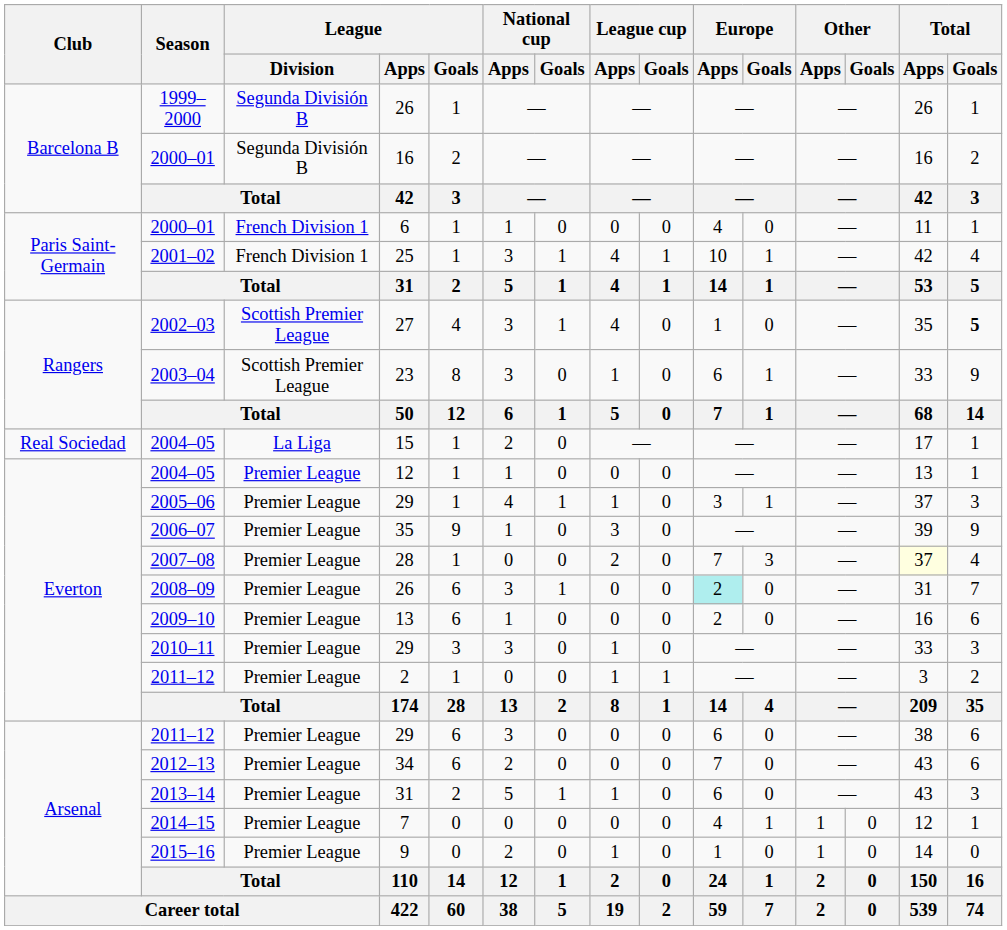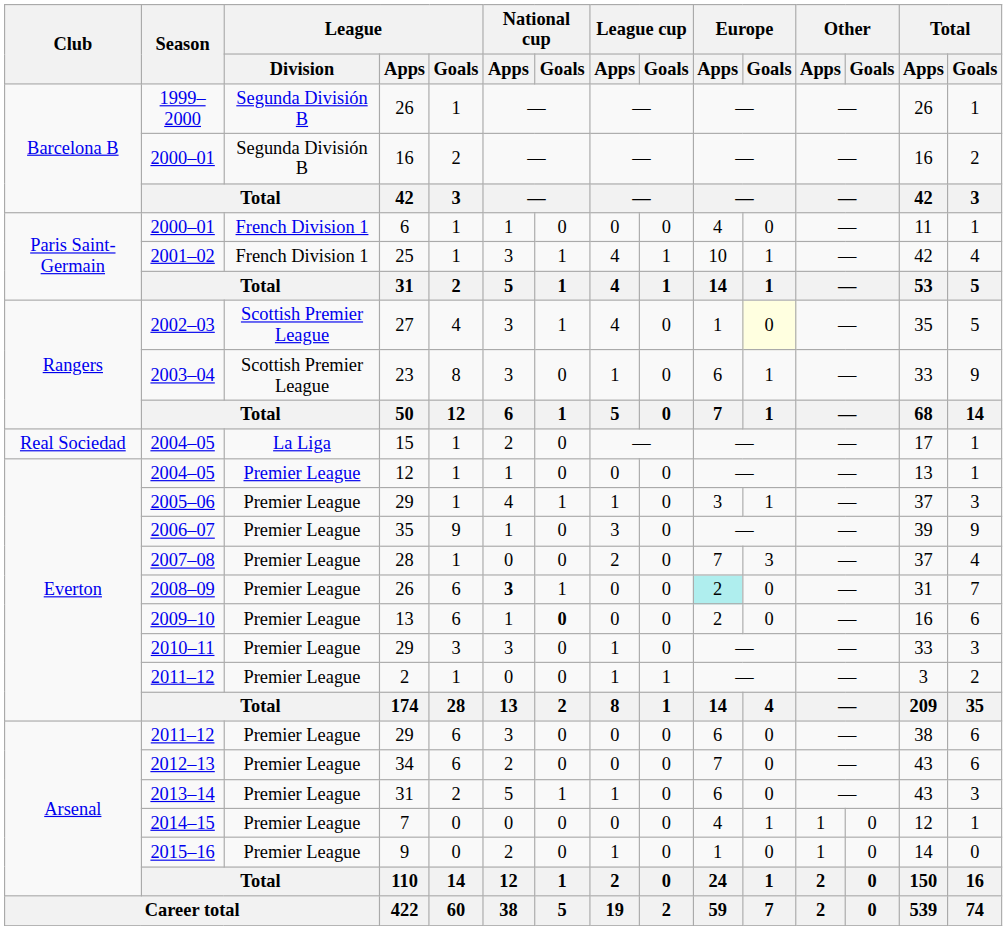 <table class="wikitable" style="text-align:center">
 <tr>
 <th rowspan="2">Club</th>
 <th rowspan="2">Season</th>
 <th colspan="3">League</th>
 <th colspan="2">National cup</th>
 <th colspan="2">League cup</th>
 <th colspan="2">Europe</th>
 <th colspan="2">Other</th>
 <th colspan="2">Total</th>
 </tr>
 <tr>
 <th>Division</th>
 <th>Apps</th>
 <th>Goals</th>
 <th>Apps</th>
 <th>Goals</th>
 <th>Apps</th>
 <th>Goals</th>
 <th>Apps</th>
 <th>Goals</th>
 <th>Apps</th>
 <th>Goals</th>
 <th>Apps</th>
 <th>Goals</th>
 </tr>
 <tr>
 <td rowspan="3"><a href='#'>Barcelona B</a></td>
 <td><a href='#'>1999–2000</a></td>
 <td><a href='#'>Segunda División B</a></td>
 <td>26</td>
 <td>1</td>
 <td colspan="2">—</td>
 <td colspan="2">—</td>
 <td colspan="2">—</td>
 <td colspan="2">—</td>
 <td>26</td>
 <td>1</td>
 </tr>
 <tr>
 <td><a href='#'>2000–01</a></td>
 <td>Segunda División B</td>
 <td>16</td>
 <td>2</td>
 <td colspan="2">—</td>
 <td colspan="2">—</td>
 <td colspan="2">—</td>
 <td colspan="2">—</td>
 <td>16</td>
 <td>2</td>
 </tr>
 <tr>
 <th colspan="2">Total</th>
 <th>42</th>
 <th>3</th>
 <th colspan="2">—</th>
 <th colspan="2">—</th>
 <th colspan="2">—</th>
 <th colspan="2">—</th>
 <th>42</th>
 <th>3</th>
 </tr>
 <tr>
 <td rowspan="3"><a href='#'>Paris Saint-Germain</a></td>
 <td><a href='#'>2000–01</a></td>
 <td><a href='#'>French Division 1</a></td>
 <td>6</td>
 <td>1</td>
 <td>1</td>
 <td>0</td>
 <td>0</td>
 <td>0</td>
 <td>4</td>
 <td>0</td>
 <td colspan="2">—</td>
 <td>11</td>
 <td>1</td>
 </tr>
 <tr>
 <td><a href='#'>2001–02</a></td>
 <td>French Division 1</td>
 <td>25</td>
 <td>1</td>
 <td>3</td>
 <td>1</td>
 <td>4</td>
 <td>1</td>
 <td>10</td>
 <td>1</td>
 <td colspan="2">—</td>
 <td>42</td>
 <td>4</td>
 </tr>
 <tr>
 <th colspan="2">Total</th>
 <th>31</th>
 <th>2</th>
 <th>5</th>
 <th>1</th>
 <th>4</th>
 <th>1</th>
 <th>14</th>
 <th>1</th>
 <th colspan="2">—</th>
 <th>53</th>
 <th>5</th>
 </tr>
 <tr>
 <td rowspan="3"><a href='#'>Rangers</a></td>
 <td><a href='#'>2002–03</a></td>
 <td><a href='#'>Scottish Premier League</a></td>
 <td>27</td>
 <td>4</td>
 <td>3</td>
 <td>1</td>
 <td>4</td>
 <td>0</td>
 <td>1</td>
-<td>0</td>
+<td style="background: lightyellow;">0</td>
 <td colspan="2">—</td>
 <td>35</td>
-<td><strong>5</strong></td>
+<td>5</td>
 </tr>
 <tr>
 <td><a href='#'>2003–04</a></td>
 <td>Scottish Premier League</td>
 <td>23</td>
 <td>8</td>
 <td>3</td>
 <td>0</td>
 <td>1</td>
 <td>0</td>
 <td>6</td>
 <td>1</td>
 <td colspan="2">—</td>
 <td>33</td>
 <td>9</td>
 </tr>
 <tr>
 <th colspan="2">Total</th>
 <th>50</th>
 <th>12</th>
 <th>6</th>
 <th>1</th>
 <th>5</th>
 <th>0</th>
 <th>7</th>
 <th>1</th>
 <th colspan="2">—</th>
 <th>68</th>
 <th>14</th>
 </tr>
 <tr>
 <td><a href='#'>Real Sociedad</a></td>
 <td><a href='#'>2004–05</a></td>
 <td><a href='#'>La Liga</a></td>
 <td>15</td>
 <td>1</td>
 <td>2</td>
 <td>0</td>
 <td colspan="2">—</td>
 <td colspan="2">—</td>
 <td colspan="2">—</td>
 <td>17</td>
 <td>1</td>
 </tr>
 <tr>
 <td rowspan="9"><a href='#'>Everton</a></td>
 <td><a href='#'>2004–05</a></td>
 <td><a href='#'>Premier League</a></td>
 <td>12</td>
 <td>1</td>
 <td>1</td>
 <td>0</td>
 <td>0</td>
 <td>0</td>
 <td colspan="2">—</td>
 <td colspan="2">—</td>
 <td>13</td>
 <td>1</td>
 </tr>
 <tr>
 <td><a href='#'>2005–06</a></td>
 <td>Premier League</td>
 <td>29</td>
 <td>1</td>
 <td>4</td>
 <td>1</td>
 <td>1</td>
 <td>0</td>
 <td>3</td>
 <td>1</td>
 <td colspan="2">—</td>
 <td>37</td>
 <td>3</td>
 </tr>
 <tr>
 <td><a href='#'>2006–07</a></td>
 <td>Premier League</td>
 <td>35</td>
 <td>9</td>
 <td>1</td>
 <td>0</td>
 <td>3</td>
 <td>0</td>
 <td colspan="2">—</td>
 <td colspan="2">—</td>
 <td>39</td>
 <td>9</td>
 </tr>
 <tr>
 <td><a href='#'>2007–08</a></td>
 <td>Premier League</td>
 <td>28</td>
 <td>1</td>
 <td>0</td>
 <td>0</td>
 <td>2</td>
 <td>0</td>
 <td>7</td>
 <td>3</td>
 <td colspan="2">—</td>
-<td style="background: lightyellow;">37</td>
+<td>37</td>
 <td>4</td>
 </tr>
 <tr>
 <td><a href='#'>2008–09</a></td>
 <td>Premier League</td>
 <td>26</td>
 <td>6</td>
-<td>3</td>
+<td><strong>3</strong></td>
 <td>1</td>
 <td>0</td>
 <td>0</td>
 <td style="background: paleturquoise;">2</td>
 <td>0</td>
 <td colspan="2">—</td>
 <td>31</td>
 <td>7</td>
 </tr>
 <tr>
 <td><a href='#'>2009–10</a></td>
 <td>Premier League</td>
 <td>13</td>
 <td>6</td>
 <td>1</td>
-<td>0</td>
+<td><strong>0</strong></td>
 <td>0</td>
 <td>0</td>
 <td>2</td>
 <td>0</td>
 <td colspan="2">—</td>
 <td>16</td>
 <td>6</td>
 </tr>
 <tr>
 <td><a href='#'>2010–11</a></td>
 <td>Premier League</td>
 <td>29</td>
 <td>3</td>
 <td>3</td>
 <td>0</td>
 <td>1</td>
 <td>0</td>
 <td colspan="2">—</td>
 <td colspan="2">—</td>
 <td>33</td>
 <td>3</td>
 </tr>
 <tr>
 <td><a href='#'>2011–12</a></td>
 <td>Premier League</td>
 <td>2</td>
 <td>1</td>
 <td>0</td>
 <td>0</td>
 <td>1</td>
 <td>1</td>
 <td colspan="2">—</td>
 <td colspan="2">—</td>
 <td>3</td>
 <td>2</td>
 </tr>
 <tr>
 <th colspan="2">Total</th>
 <th>174</th>
 <th>28</th>
 <th>13</th>
 <th>2</th>
 <th>8</th>
 <th>1</th>
 <th>14</th>
 <th>4</th>
 <th colspan="2">—</th>
 <th>209</th>
 <th>35</th>
 </tr>
 <tr>
 <td rowspan="6"><a href='#'>Arsenal</a></td>
 <td><a href='#'>2011–12</a></td>
 <td>Premier League</td>
 <td>29</td>
 <td>6</td>
 <td>3</td>
 <td>0</td>
 <td>0</td>
 <td>0</td>
 <td>6</td>
 <td>0</td>
 <td colspan="2">—</td>
 <td>38</td>
 <td>6</td>
 </tr>
 <tr>
 <td><a href='#'>2012–13</a></td>
 <td>Premier League</td>
 <td>34</td>
 <td>6</td>
 <td>2</td>
 <td>0</td>
 <td>0</td>
 <td>0</td>
 <td>7</td>
 <td>0</td>
 <td colspan="2">—</td>
 <td>43</td>
 <td>6</td>
 </tr>
 <tr>
 <td><a href='#'>2013–14</a></td>
 <td>Premier League</td>
 <td>31</td>
 <td>2</td>
 <td>5</td>
 <td>1</td>
 <td>1</td>
 <td>0</td>
 <td>6</td>
 <td>0</td>
 <td colspan="2">—</td>
 <td>43</td>
 <td>3</td>
 </tr>
 <tr>
 <td><a href='#'>2014–15</a></td>
 <td>Premier League</td>
 <td>7</td>
 <td>0</td>
 <td>0</td>
 <td>0</td>
 <td>0</td>
 <td>0</td>
 <td>4</td>
 <td>1</td>
 <td>1</td>
 <td>0</td>
 <td>12</td>
 <td>1</td>
 </tr>
 <tr>
 <td><a href='#'>2015–16</a></td>
 <td>Premier League</td>
 <td>9</td>
 <td>0</td>
 <td>2</td>
 <td>0</td>
 <td>1</td>
 <td>0</td>
 <td>1</td>
 <td>0</td>
 <td>1</td>
 <td>0</td>
 <td>14</td>
 <td>0</td>
 </tr>
 <tr>
 <th colspan="2">Total</th>
 <th>110</th>
 <th>14</th>
 <th>12</th>
 <th>1</th>
 <th>2</th>
 <th>0</th>
 <th>24</th>
 <th>1</th>
 <th>2</th>
 <th>0</th>
 <th>150</th>
 <th>16</th>
 </tr>
 <tr>
 <th colspan="3">Career total</th>
 <th>422</th>
 <th>60</th>
 <th>38</th>
 <th>5</th>
 <th>19</th>
 <th>2</th>
 <th>59</th>
 <th>7</th>
 <th>2</th>
 <th>0</th>
 <th>539</th>
 <th>74</th>
 </tr>
 </table>
